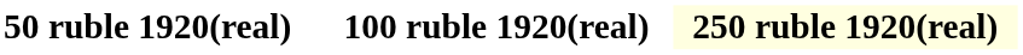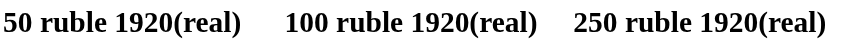 <table class="graytable">
 <tr>
 <td align="center" width="30%"></td>
 <td align="center" width="30%"></td>
 <td align="center" width="30%"></td>
 </tr>
 <tr>
 <td></td>
 <td></td>
 <td></td>
 </tr>
 <tr align=center>
 <td><strong>50 ruble   1920(real)</strong></td>
 <td><strong>100 ruble  1920(real)</strong></td>
-<td style="background: lightyellow;"><strong>250 ruble  1920(real)</strong></td>
+<td><strong>250 ruble  1920(real)</strong></td>
 </tr>
 </table>
